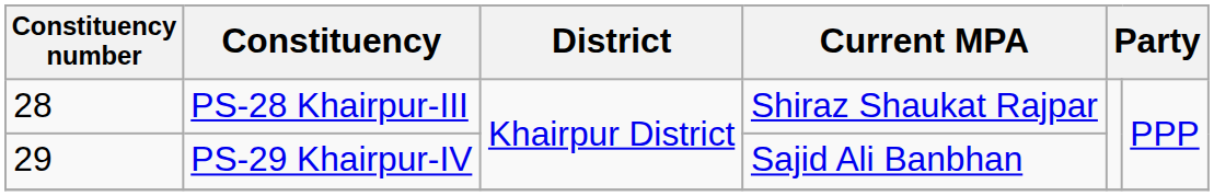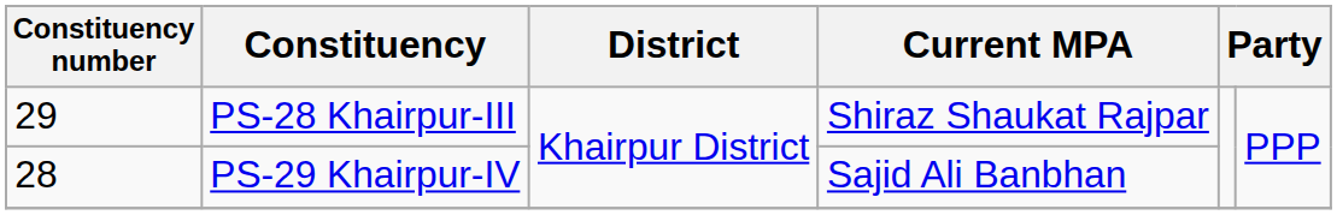 <table class="wikitable">
 <tr>
 <th width="50px" style="font-size:75%">Constituency number</th>
 <th>Constituency</th>
 <th>District</th>
 <th>Current MPA</th>
 <th colspan="2">Party</th>
 </tr>
 <tr>
-<td>28</td>
+<td>29</td>
 <td><a href='#'>PS-28 Khairpur-III</a></td>
 <td rowspan="2"><a href='#'>Khairpur District</a></td>
 <td><a href='#'>Shiraz Shaukat Rajpar</a></td>
 <td rowspan="2"></td>
 <td rowspan="2"><a href='#'>PPP</a></td>
 </tr>
 <tr>
-<td>29</td>
+<td>28</td>
 <td><a href='#'>PS-29 Khairpur-IV</a></td>
 <td><a href='#'>Sajid Ali Banbhan</a></td>
 </tr>
 <tr>
 </tr>
 </table>
